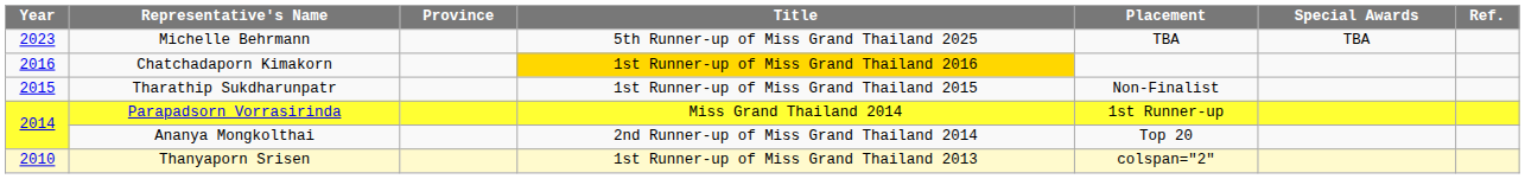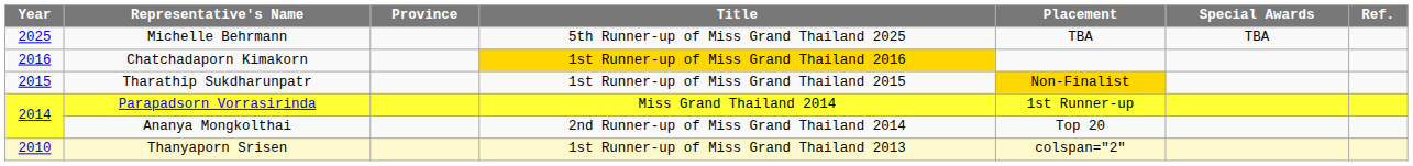 <table class="wikitable" style="font-size: 95%; text-align:center; width: 100%">
 <tr>
 <th style="background-color:#787878;color:#FFFFFF;">Year</th>
 <th style="background-color:#787878;color:#FFFFFF;">Representative's Name</th>
 <th style="background-color:#787878;color:#FFFFFF;">Province</th>
 <th style="background-color:#787878;color:#FFFFFF;">Title</th>
 <th style="background-color:#787878;color:#FFFFFF;">Placement</th>
 <th style="background-color:#787878;color:#FFFFFF;">Special Awards</th>
 <th style="background-color:#787878;color:#FFFFFF;">Ref.</th>
 </tr>
 <tr>
-<td><a href='#'>2023</a></td>
+<td><a href='#'>2025</a></td>
 <td>Michelle Behrmann</td>
 <td></td>
 <td>5th Runner-up of Miss Grand Thailand 2025</td>
 <td>TBA</td>
 <td>TBA</td>
 <td></td>
 </tr>
 <tr>
 <td><a href='#'>2016</a></td>
 <td>Chatchadaporn Kimakorn</td>
 <td></td>
 <td style="background: gold;">1st Runner-up of Miss Grand Thailand 2016</td>
 <td style="background:;"></td>
 <td style="background:;"></td>
 <td></td>
 </tr>
 <tr>
 <td><a href='#'>2015</a></td>
 <td>Tharathip Sukdharunpatr</td>
 <td></td>
 <td>1st Runner-up of Miss Grand Thailand 2015</td>
-<td>Non-Finalist</td>
+<td style="background: gold;">Non-Finalist</td>
 <td></td>
 <td></td>
 </tr>
 <tr style="background-color:#FFFF33; ">
 <td rowspan="2"><a href='#'>2014</a></td>
 <td><a href='#'>Parapadsorn Vorrasirinda</a></td>
 <td></td>
 <td>Miss Grand Thailand 2014</td>
 <td>1st Runner-up</td>
 <td></td>
 <td></td>
 </tr>
 <tr>
 <td>Ananya Mongkolthai</td>
 <td></td>
 <td>2nd Runner-up of Miss Grand Thailand 2014</td>
 <td>Top 20</td>
 <td></td>
 </tr>
 <tr style="background-color:#FFFACD;">
 <td><a href='#'>2010</a></td>
 <td>Thanyaporn Srisen</td>
 <td></td>
 <td>1st Runner-up of Miss Grand Thailand 2013</td>
 <td>colspan="2" </td>
 <td></td>
 <td></td>
 </tr>
 </table>
